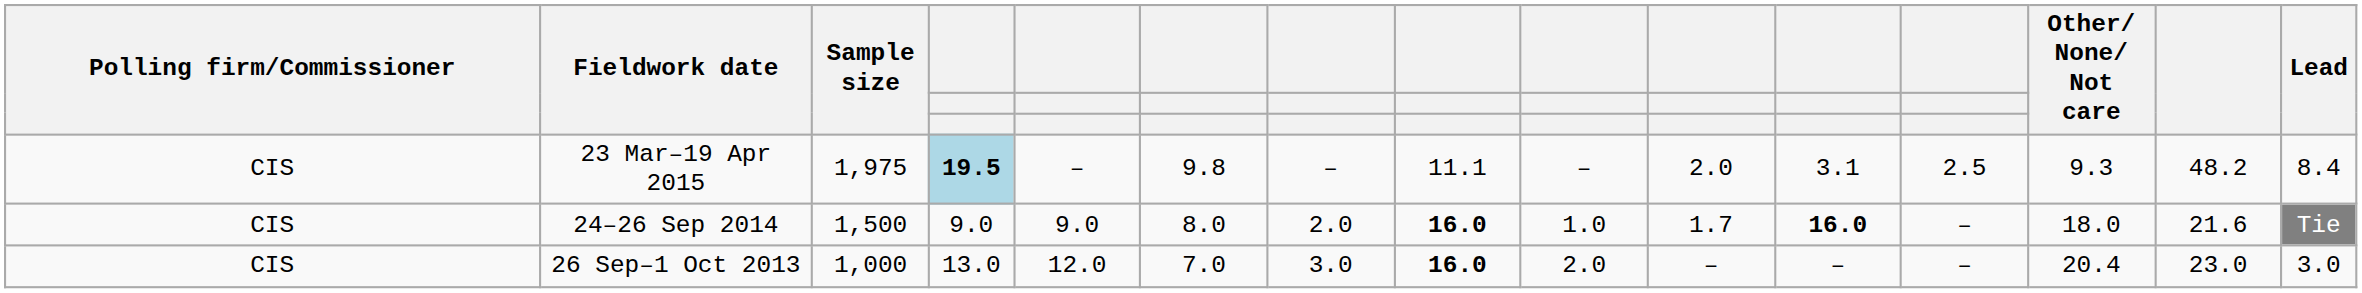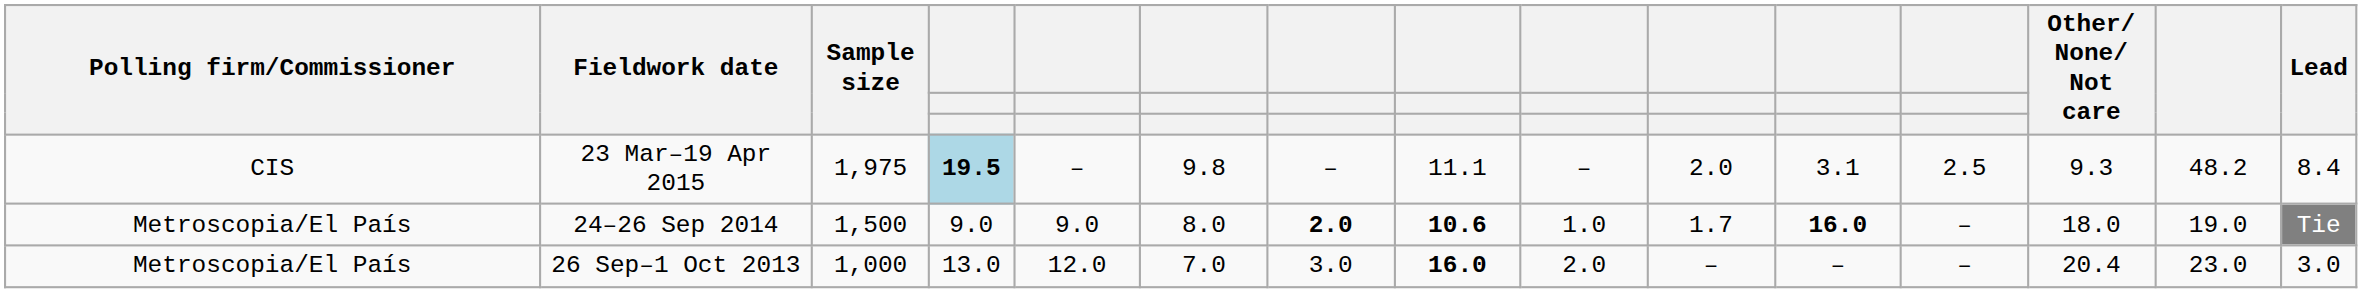 <table class="wikitable collapsible collapsed" style="text-align:center; font-size:90%; line-height:14px;">
 <tr style="height:42px;">
 <th style="width:250px;" rowspan="3">Polling firm/Commissioner</th>
 <th style="width:125px;" rowspan="3">Fieldwork date</th>
 <th style="width:50px;" rowspan="3">Sample size</th>
 <th style="width:35px;"></th>
 <th style="width:55px;"></th>
 <th style="width:55px;"></th>
 <th style="width:55px;"></th>
 <th style="width:55px;"></th>
 <th style="width:55px;"></th>
 <th style="width:55px;"></th>
 <th style="width:55px;"></th>
 <th style="width:55px;"></th>
 <th style="width:55px;" rowspan="3">Other/<br>None/<br>Not<br>care</th>
 <th style="width:55px;" rowspan="3"></th>
 <th style="width:30px;" rowspan="3">Lead</th>
 </tr>
 <tr>
 <th style="color:inherit;background:"></th>
 <th style="color:inherit;background:"></th>
 <th style="color:inherit;background:"></th>
 <th style="color:inherit;background:"></th>
 <th style="color:inherit;background:"></th>
 <th style="color:inherit;background:"></th>
 <th style="color:inherit;background:"></th>
 <th style="color:inherit;background:"></th>
 <th style="color:inherit;background:"></th>
 </tr>
 <tr>
 <th></th>
 <th></th>
 <th></th>
 <th></th>
 <th></th>
 <th></th>
 <th></th>
 <th></th>
 <th></th>
 </tr>
 <tr>
 <td>CIS</td>
 <td>23 Mar–19 Apr 2015</td>
 <td>1,975</td>
 <td style="background: lightblue;"><strong>19.5</strong></td>
 <td>–</td>
 <td>9.8</td>
 <td>–</td>
 <td>11.1</td>
 <td>–</td>
 <td>2.0</td>
 <td>3.1</td>
 <td>2.5</td>
 <td>9.3</td>
 <td>48.2</td>
 <td style="background:">8.4</td>
 </tr>
 <tr>
-<td>CIS</td>
+<td>Metroscopia/El País</td>
 <td>24–26 Sep 2014</td>
 <td>1,500</td>
 <td>9.0</td>
 <td>9.0</td>
 <td>8.0</td>
-<td>2.0</td>
-<td><strong>16.0</strong></td>
+<td><strong>2.0</strong></td>
+<td><strong>10.6</strong></td>
 <td>1.0</td>
 <td>1.7</td>
 <td><strong>16.0</strong></td>
 <td>–</td>
 <td>18.0</td>
-<td>21.6</td>
+<td>19.0</td>
 <td style="background:gray; color:white;">Tie</td>
 </tr>
 <tr>
-<td>CIS</td>
+<td>Metroscopia/El País</td>
 <td>26 Sep–1 Oct 2013</td>
 <td>1,000</td>
 <td>13.0</td>
 <td>12.0</td>
 <td>7.0</td>
 <td>3.0</td>
 <td><strong>16.0</strong></td>
 <td>2.0</td>
 <td>–</td>
 <td>–</td>
 <td>–</td>
 <td>20.4</td>
 <td>23.0</td>
 <td style="background:">3.0</td>
 </tr>
 </table>
